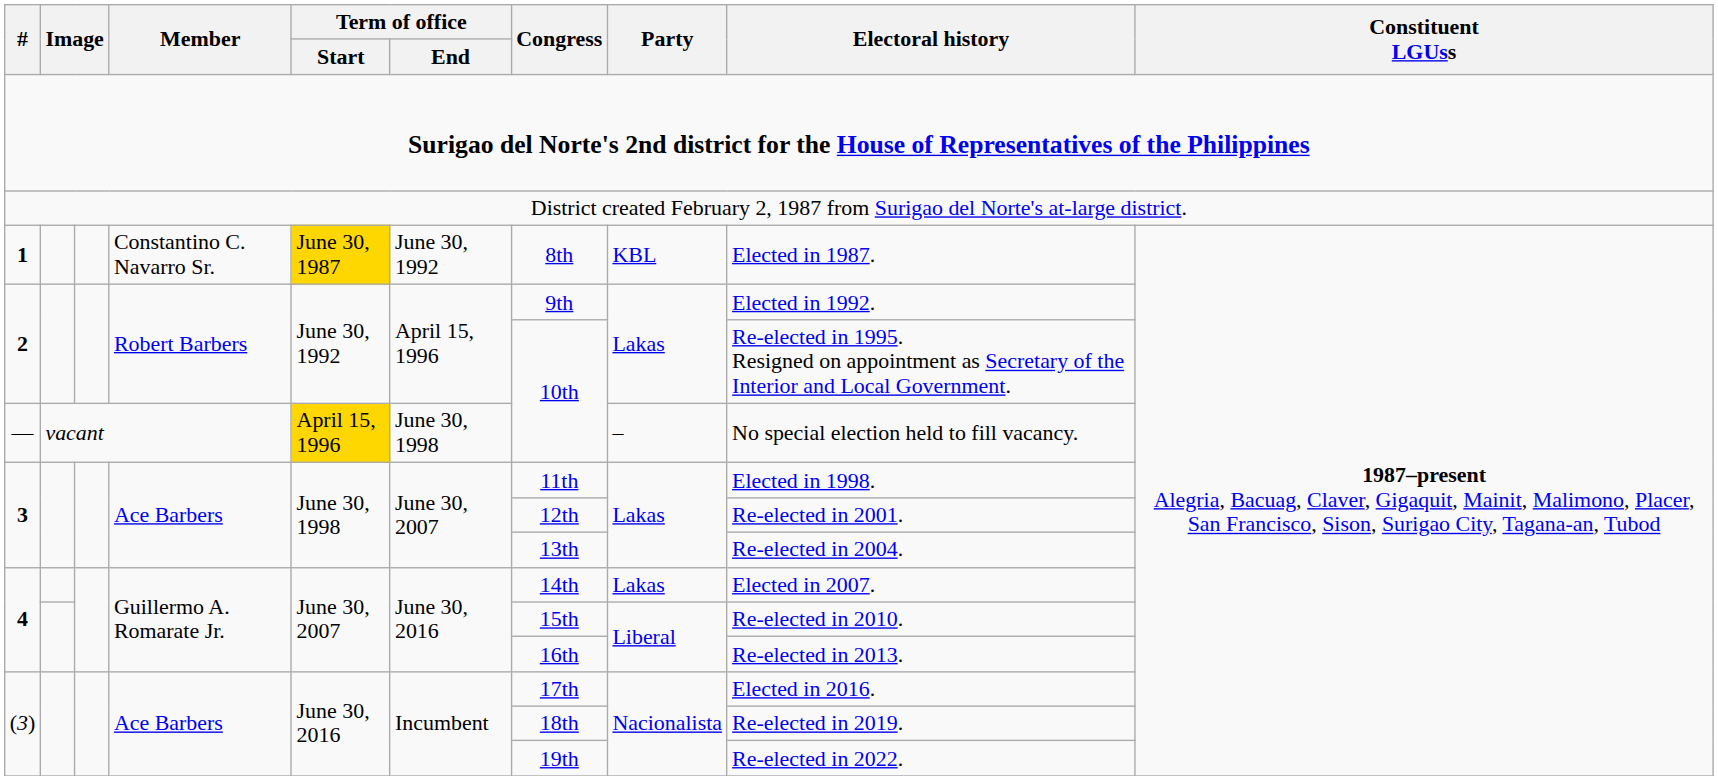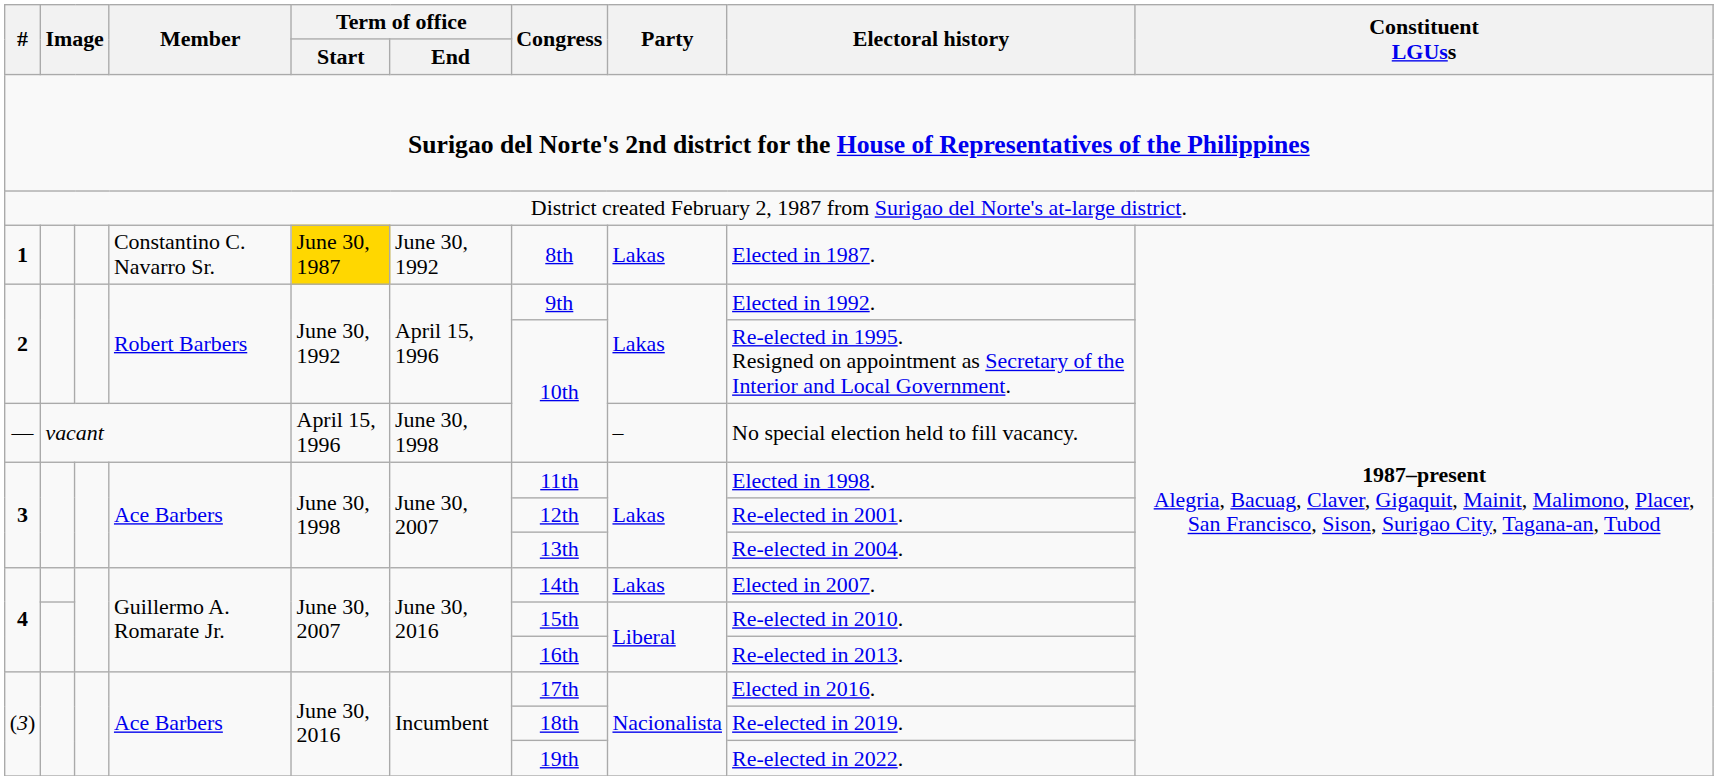 <table class=wikitable>
 <tr>
 <th rowspan="2">#</th>
 <th rowspan="2" colspan=2>Image</th>
 <th rowspan="2">Member</th>
 <th colspan=2>Term of office</th>
 <th rowspan="2">Congress</th>
 <th rowspan="2">Party</th>
 <th rowspan="2">Electoral history</th>
 <th rowspan="2">Constituent<br><a href='#'>LGUs</a>s</th>
 </tr>
 <tr>
 <th>Start</th>
 <th>End</th>
 </tr>
 <tr>
 <td colspan="10" style="text-align:center;"><br><h3>Surigao del Norte's 2nd district for the <a href='#'>House of Representatives of the Philippines</a></h3></td>
 </tr>
 <tr>
 <td colspan="10" style="text-align:center;">District created February 2, 1987 from <a href='#'>Surigao del Norte's at-large district</a>.</td>
 </tr>
 <tr>
 <td style="text-align:center;"><strong>1</strong></td>
 <td style="color:inherit;background:"></td>
 <td></td>
 <td>Constantino C. Navarro Sr.</td>
 <td style="background: gold;">June 30, 1987</td>
 <td>June 30, 1992</td>
 <td style="text-align:center;"><a href='#'>8th</a></td>
-<td><a href='#'>KBL</a></td>
+<td><a href='#'>Lakas</a></td>
 <td><a href='#'>Elected in 1987</a>.</td>
 <td rowspan="13" style="text-align:center;"><strong>1987–present</strong><br><a href='#'>Alegria</a>, <a href='#'>Bacuag</a>, <a href='#'>Claver</a>, <a href='#'>Gigaquit</a>, <a href='#'>Mainit</a>, <a href='#'>Malimono</a>, <a href='#'>Placer</a>, <a href='#'>San Francisco</a>, <a href='#'>Sison</a>, <a href='#'>Surigao City</a>, <a href='#'>Tagana-an</a>, <a href='#'>Tubod</a></td>
 </tr>
 <tr>
 <td rowspan="2" style="text-align:center;"><strong>2</strong></td>
 <td rowspan="2" style="color:inherit;background:"></td>
 <td rowspan="2"></td>
 <td rowspan="2"><a href='#'>Robert Barbers</a></td>
 <td rowspan="2">June 30, 1992</td>
 <td rowspan="2">April 15, 1996</td>
 <td style="text-align:center;"><a href='#'>9th</a></td>
 <td rowspan="2"><a href='#'>Lakas</a></td>
 <td><a href='#'>Elected in 1992</a>.</td>
 </tr>
 <tr>
 <td rowspan="2" style="text-align:center;"><a href='#'>10th</a></td>
 <td><a href='#'>Re-elected in 1995</a>.<br>Resigned on appointment as <a href='#'>Secretary of the Interior and Local Government</a>.</td>
 </tr>
 <tr>
 <td style="text-align:center;">—</td>
 <td colspan="3"><em>vacant</em></td>
-<td style="background: gold;">April 15, 1996</td>
+<td>April 15, 1996</td>
 <td>June 30, 1998</td>
 <td>–</td>
 <td>No special election held to fill vacancy.</td>
 </tr>
 <tr>
 <td rowspan="3" style="text-align:center;"><strong>3</strong></td>
 <td rowspan="3" style="color:inherit;background:"></td>
 <td rowspan="3"></td>
 <td rowspan="3"><a href='#'>Ace Barbers</a></td>
 <td rowspan="3">June 30, 1998</td>
 <td rowspan="3">June 30, 2007</td>
 <td style="text-align:center;"><a href='#'>11th</a></td>
 <td rowspan="3"><a href='#'>Lakas</a></td>
 <td><a href='#'>Elected in 1998</a>.</td>
 </tr>
 <tr>
 <td style="text-align:center;"><a href='#'>12th</a></td>
 <td><a href='#'>Re-elected in 2001</a>.</td>
 </tr>
 <tr>
 <td style="text-align:center;"><a href='#'>13th</a></td>
 <td><a href='#'>Re-elected in 2004</a>.</td>
 </tr>
 <tr>
 <td rowspan="3" style="text-align:center;"><strong>4</strong></td>
 <td style="color:inherit;background:"></td>
 <td rowspan="3"></td>
 <td rowspan="3">Guillermo A. Romarate Jr.</td>
 <td rowspan="3">June 30, 2007</td>
 <td rowspan="3">June 30, 2016</td>
 <td style="text-align:center;"><a href='#'>14th</a></td>
 <td><a href='#'>Lakas</a></td>
 <td><a href='#'>Elected in 2007</a>.</td>
 </tr>
 <tr>
 <td rowspan="2" style="color:inherit;background:"></td>
 <td style="text-align:center;"><a href='#'>15th</a></td>
 <td rowspan="2"><a href='#'>Liberal</a></td>
 <td><a href='#'>Re-elected in 2010</a>.</td>
 </tr>
 <tr>
 <td style="text-align:center;"><a href='#'>16th</a></td>
 <td><a href='#'>Re-elected in 2013</a>.</td>
 </tr>
 <tr>
 <td rowspan="3" style="text-align:center;">(<em>3</em>)</td>
 <td rowspan="3" style="color:inherit;background:"></td>
 <td rowspan="3"></td>
 <td rowspan="3"><a href='#'>Ace Barbers</a></td>
 <td rowspan="3">June 30, 2016</td>
 <td rowspan="3">Incumbent</td>
 <td style="text-align:center;"><a href='#'>17th</a></td>
 <td rowspan="3"><a href='#'>Nacionalista</a></td>
 <td><a href='#'>Elected in 2016</a>.</td>
 </tr>
 <tr>
 <td style="text-align:center;"><a href='#'>18th</a></td>
 <td><a href='#'>Re-elected in 2019</a>.</td>
 </tr>
 <tr>
 <td style="text-align:center;"><a href='#'>19th</a></td>
 <td><a href='#'>Re-elected in 2022</a>.</td>
 </tr>
 </table>
